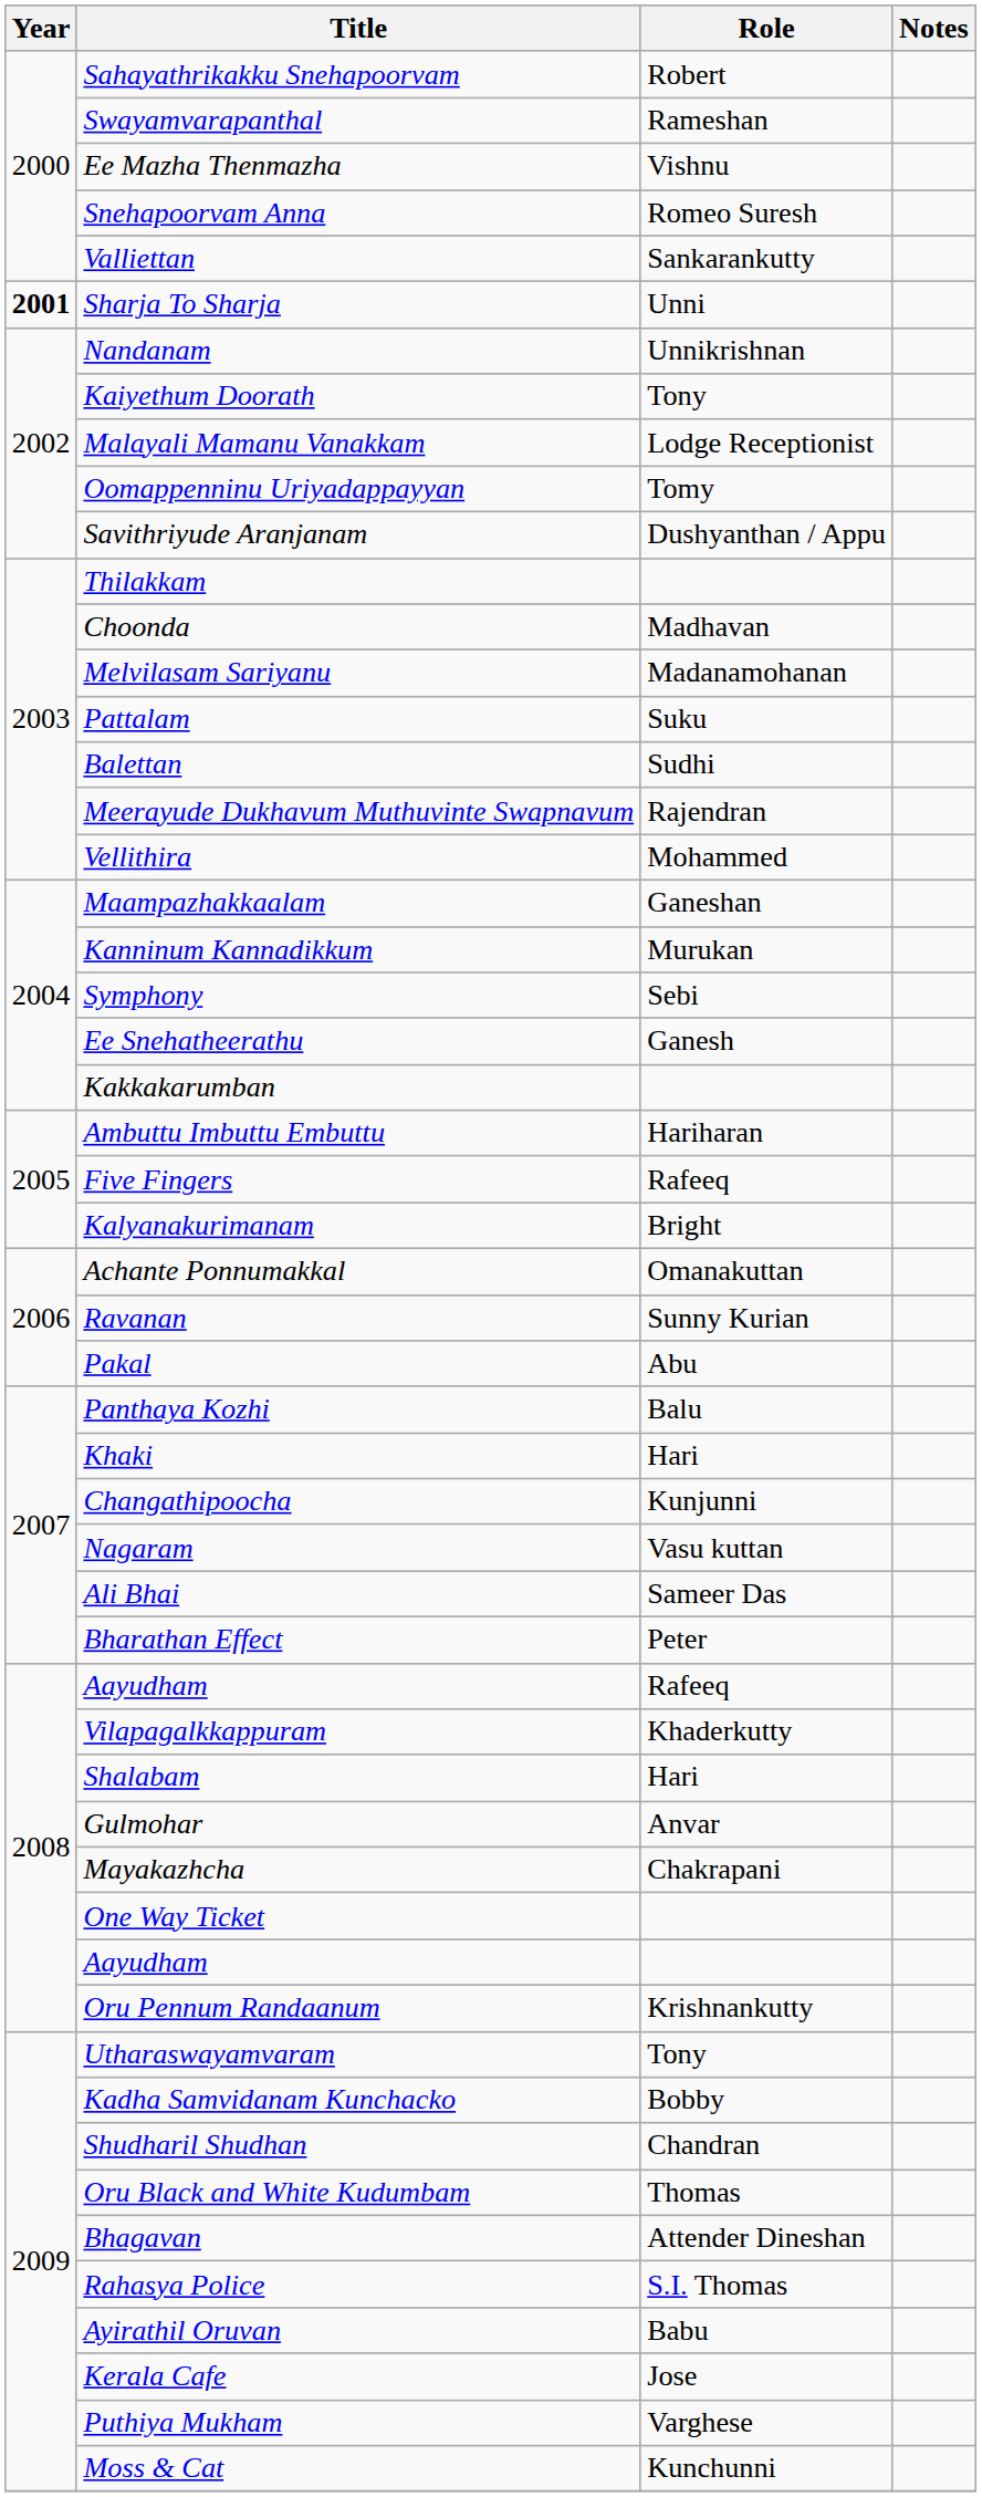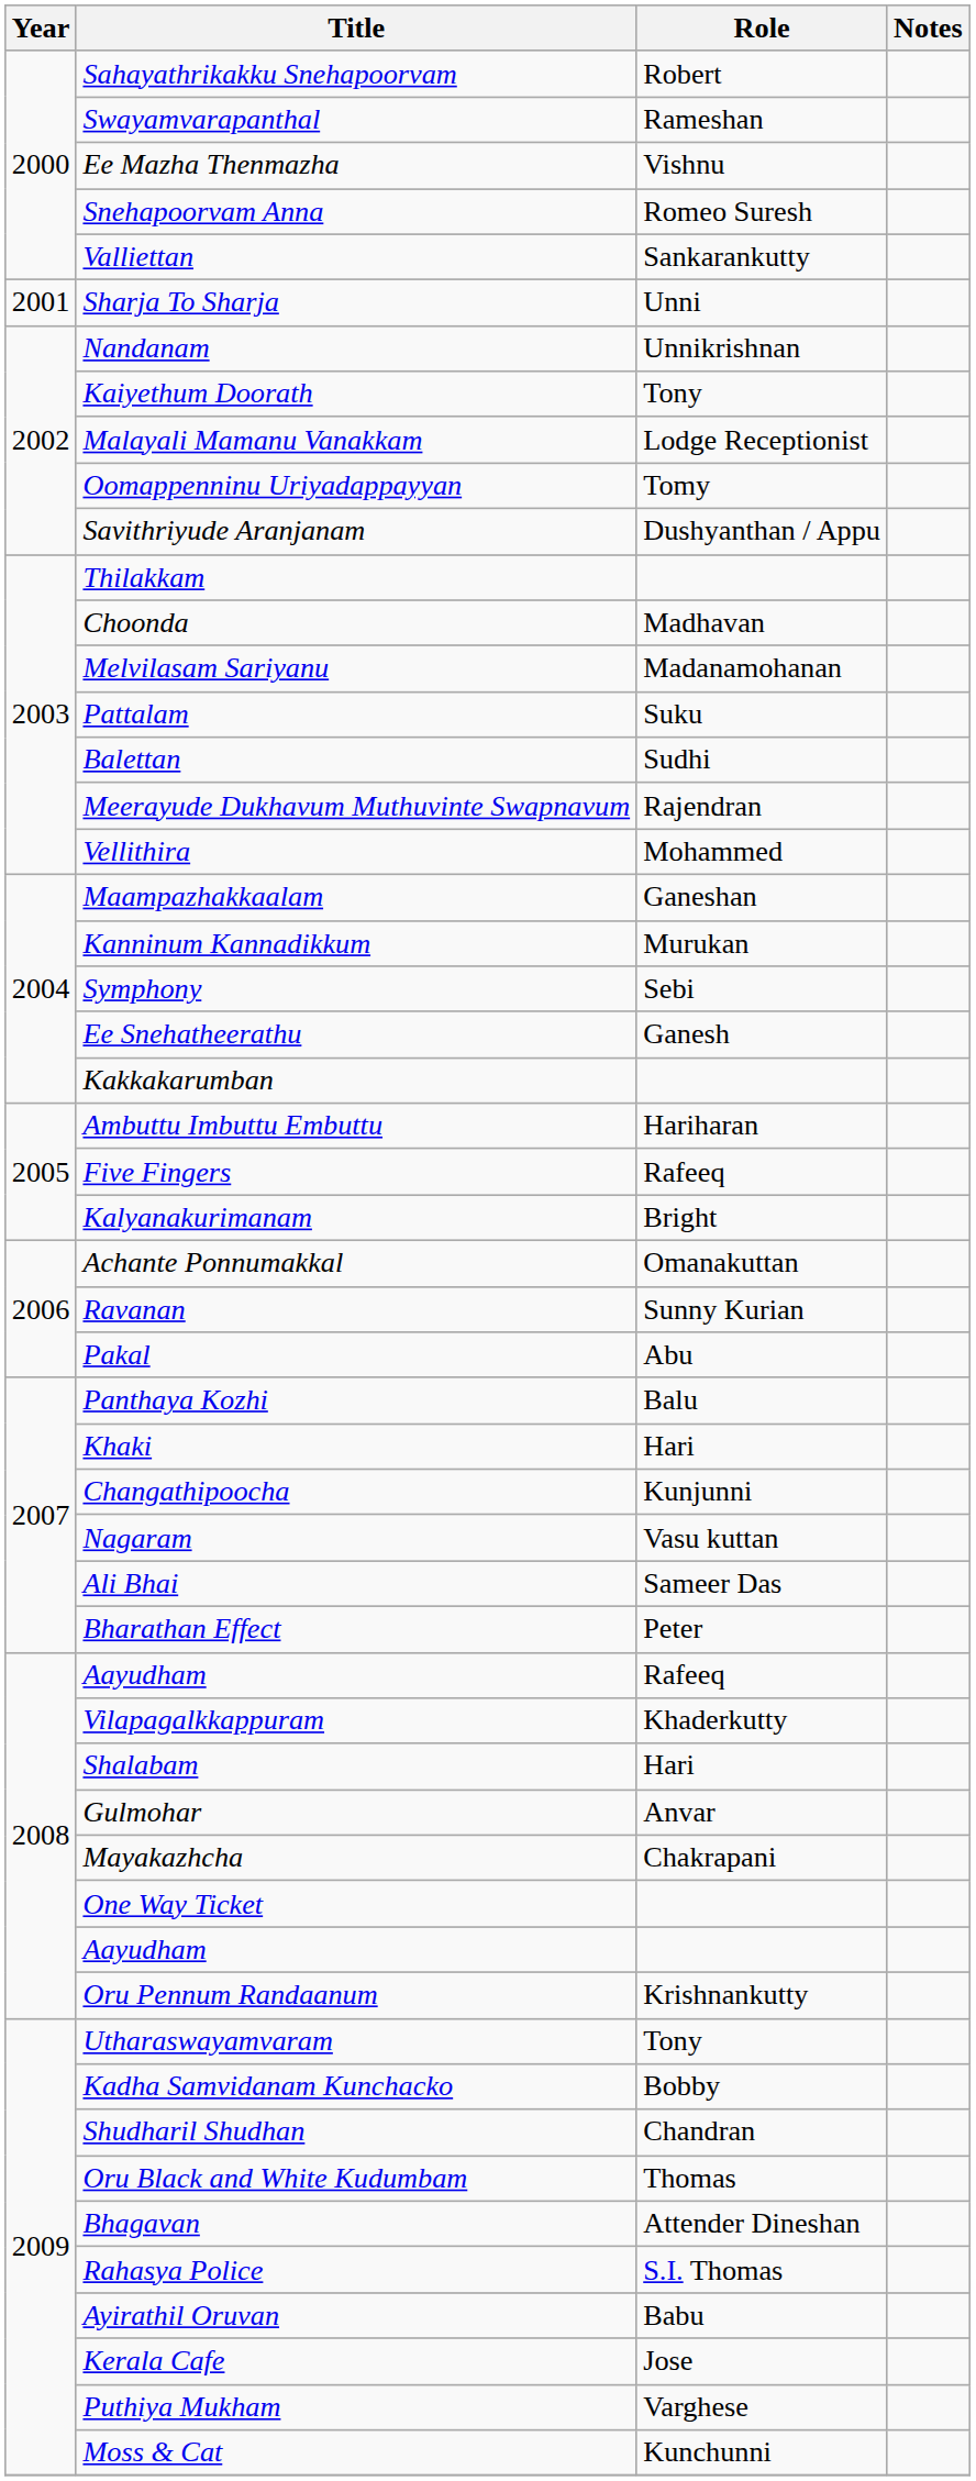 <table class="wikitable sortable">
 <tr>
 <th>Year</th>
 <th>Title</th>
 <th>Role</th>
 <th class="unsortable">Notes</th>
 </tr>
 <tr>
 <td rowspan=5>2000</td>
 <td><em><a href='#'>Sahayathrikakku Snehapoorvam</a></em></td>
 <td>Robert</td>
 <td></td>
 </tr>
 <tr>
 <td><em><a href='#'>Swayamvarapanthal</a></em></td>
 <td>Rameshan</td>
 <td></td>
 </tr>
 <tr>
 <td><em>Ee Mazha Thenmazha</em></td>
 <td>Vishnu</td>
 <td></td>
 </tr>
 <tr>
 <td><em><a href='#'>Snehapoorvam Anna</a></em></td>
 <td>Romeo Suresh</td>
 <td></td>
 </tr>
 <tr>
 <td><em><a href='#'>Valliettan</a></em></td>
 <td>Sankarankutty</td>
 <td></td>
 </tr>
 <tr>
-<td><strong>2001</strong></td>
+<td>2001</td>
 <td><em><a href='#'>Sharja To Sharja</a></em></td>
 <td>Unni</td>
 <td></td>
 </tr>
 <tr>
 <td rowspan=5>2002</td>
 <td><em><a href='#'>Nandanam</a></em></td>
 <td>Unnikrishnan</td>
 <td></td>
 </tr>
 <tr>
 <td><em><a href='#'>Kaiyethum Doorath</a></em></td>
 <td>Tony</td>
 <td></td>
 </tr>
 <tr>
 <td><em><a href='#'>Malayali Mamanu Vanakkam</a></em></td>
 <td>Lodge Receptionist</td>
 <td></td>
 </tr>
 <tr>
 <td><em><a href='#'>Oomappenninu Uriyadappayyan</a></em></td>
 <td>Tomy</td>
 <td></td>
 </tr>
 <tr>
 <td><em>Savithriyude Aranjanam</em></td>
 <td>Dushyanthan / Appu</td>
 <td></td>
 </tr>
 <tr>
 <td rowspan=7>2003</td>
 <td><em><a href='#'>Thilakkam</a></em></td>
 <td></td>
 <td></td>
 </tr>
 <tr>
 <td><em>Choonda</em></td>
 <td>Madhavan</td>
 <td></td>
 </tr>
 <tr>
 <td><em><a href='#'>Melvilasam Sariyanu</a></em></td>
 <td>Madanamohanan</td>
 <td></td>
 </tr>
 <tr>
 <td><em><a href='#'>Pattalam</a></em></td>
 <td>Suku</td>
 <td></td>
 </tr>
 <tr>
 <td><em><a href='#'>Balettan</a></em></td>
 <td>Sudhi</td>
 <td></td>
 </tr>
 <tr>
 <td><em><a href='#'>Meerayude Dukhavum Muthuvinte Swapnavum</a></em></td>
 <td>Rajendran</td>
 <td></td>
 </tr>
 <tr>
 <td><em><a href='#'>Vellithira</a></em></td>
 <td>Mohammed</td>
 <td></td>
 </tr>
 <tr>
 <td rowspan=5>2004</td>
 <td><em><a href='#'>Maampazhakkaalam</a></em></td>
 <td>Ganeshan</td>
 <td></td>
 </tr>
 <tr>
 <td><em><a href='#'>Kanninum Kannadikkum</a></em></td>
 <td>Murukan</td>
 <td></td>
 </tr>
 <tr>
 <td><em><a href='#'>Symphony</a></em></td>
 <td>Sebi</td>
 <td></td>
 </tr>
 <tr>
 <td><em><a href='#'>Ee Snehatheerathu</a></em></td>
 <td>Ganesh</td>
 <td></td>
 </tr>
 <tr>
 <td><em>Kakkakarumban</em></td>
 <td></td>
 <td></td>
 </tr>
 <tr>
 <td rowspan=3>2005</td>
 <td><em><a href='#'>Ambuttu Imbuttu Embuttu</a></em></td>
 <td>Hariharan</td>
 <td></td>
 </tr>
 <tr>
 <td><em><a href='#'>Five Fingers</a></em></td>
 <td>Rafeeq</td>
 <td></td>
 </tr>
 <tr>
 <td><em><a href='#'>Kalyanakurimanam</a></em></td>
 <td>Bright</td>
 <td></td>
 </tr>
 <tr>
 <td rowspan=3>2006</td>
 <td><em>Achante Ponnumakkal</em></td>
 <td>Omanakuttan</td>
 <td></td>
 </tr>
 <tr>
 <td><em><a href='#'>Ravanan</a></em></td>
 <td>Sunny Kurian</td>
 <td></td>
 </tr>
 <tr>
 <td><em><a href='#'>Pakal</a></em></td>
 <td>Abu</td>
 <td></td>
 </tr>
 <tr>
 <td rowspan=6>2007</td>
 <td><em><a href='#'>Panthaya Kozhi</a></em></td>
 <td>Balu</td>
 <td></td>
 </tr>
 <tr>
 <td><em><a href='#'>Khaki</a></em></td>
 <td>Hari</td>
 <td></td>
 </tr>
 <tr>
 <td><em><a href='#'>Changathipoocha</a></em></td>
 <td>Kunjunni</td>
 <td></td>
 </tr>
 <tr>
 <td><em><a href='#'>Nagaram</a></em></td>
 <td>Vasu kuttan</td>
 <td></td>
 </tr>
 <tr>
 <td><em><a href='#'>Ali Bhai</a></em></td>
 <td>Sameer Das</td>
 <td></td>
 </tr>
 <tr>
 <td><em><a href='#'>Bharathan Effect</a></em></td>
 <td>Peter</td>
 <td></td>
 </tr>
 <tr>
 <td rowspan=8>2008</td>
 <td><em><a href='#'>Aayudham</a></em></td>
 <td>Rafeeq</td>
 <td></td>
 </tr>
 <tr>
 <td><em><a href='#'>Vilapagalkkappuram</a></em></td>
 <td>Khaderkutty</td>
 <td></td>
 </tr>
 <tr>
 <td><em><a href='#'>Shalabam</a></em></td>
 <td>Hari</td>
 <td></td>
 </tr>
 <tr>
 <td><em>Gulmohar</em></td>
 <td>Anvar</td>
 <td></td>
 </tr>
 <tr>
 <td><em>Mayakazhcha</em></td>
 <td>Chakrapani</td>
 <td></td>
 </tr>
 <tr>
 <td><em><a href='#'>One Way Ticket</a></em></td>
 <td></td>
 <td></td>
 </tr>
 <tr>
 <td><em><a href='#'>Aayudham</a></em></td>
 <td></td>
 <td></td>
 </tr>
 <tr>
 <td><em><a href='#'>Oru Pennum Randaanum</a></em></td>
 <td>Krishnankutty</td>
 <td></td>
 </tr>
 <tr>
 <td rowspan=10>2009</td>
 <td><em><a href='#'>Utharaswayamvaram</a></em></td>
 <td>Tony</td>
 <td></td>
 </tr>
 <tr>
 <td><em><a href='#'>Kadha Samvidanam Kunchacko</a></em></td>
 <td>Bobby</td>
 <td></td>
 </tr>
 <tr>
 <td><em><a href='#'>Shudharil Shudhan</a></em></td>
 <td>Chandran</td>
 <td></td>
 </tr>
 <tr>
 <td><em><a href='#'>Oru Black and White Kudumbam</a></em></td>
 <td>Thomas</td>
 <td></td>
 </tr>
 <tr>
 <td><em><a href='#'>Bhagavan</a></em></td>
 <td>Attender Dineshan</td>
 <td></td>
 </tr>
 <tr>
 <td><em><a href='#'>Rahasya Police</a></em></td>
 <td><a href='#'>S.I.</a> Thomas</td>
 <td></td>
 </tr>
 <tr>
 <td><em><a href='#'>Ayirathil Oruvan</a></em></td>
 <td>Babu</td>
 <td></td>
 </tr>
 <tr>
 <td><em><a href='#'>Kerala Cafe</a></em></td>
 <td>Jose</td>
 <td></td>
 </tr>
 <tr>
 <td><em><a href='#'>Puthiya Mukham</a></em></td>
 <td>Varghese</td>
 <td></td>
 </tr>
 <tr>
 <td><em><a href='#'>Moss & Cat</a></em></td>
 <td>Kunchunni</td>
 <td></td>
 </tr>
 <tr>
 </tr>
 </table>
